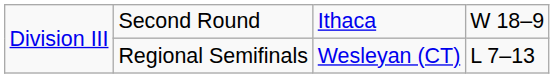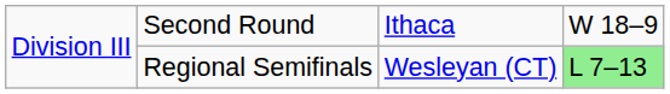 <table class="wikitable">
 <tr>
 <td rowspan="5"><a href='#'>Division III</a></td>
 <td>Second Round</td>
 <td><a href='#'>Ithaca</a></td>
 <td>W 18–9</td>
 </tr>
 <tr>
 <td>Regional Semifinals</td>
 <td><a href='#'>Wesleyan (CT)</a></td>
-<td>L 7–13</td>
+<td style="background: lightgreen;">L 7–13</td>
 </tr>
 </table>
